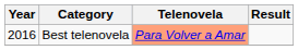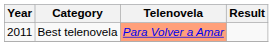 <table class="wikitable">
 <tr style='background:#b0c4de;'>
 <th>Year</th>
 <th>Category</th>
 <th>Telenovela</th>
 <th>Result</th>
 </tr>
 <tr>
-<td>2016</td>
+<td>2011</td>
 <td>Best telenovela</td>
 <td style="background: lightsalmon;"><em><a href='#'>Para Volver a Amar</a></em></td>
 <td></td>
 </tr>
 <tr>
 </tr>
 </table>
